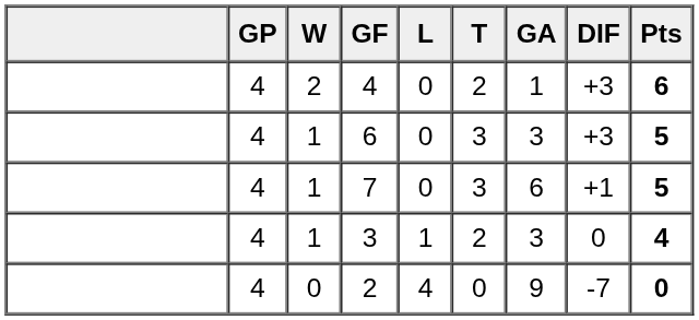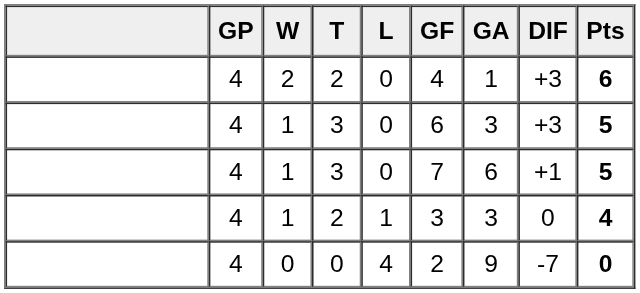 <table border=1 cellpadding=5 cellspacing=0>
 <tr>
 <th bgcolor="#efefef" width="120">　</th>
 <th bgcolor="#efefef" width="20">GP</th>
 <th bgcolor="#efefef" width="20">W</th>
+<th bgcolor="#efefef" width="20">T</th>
+<th bgcolor="#efefef" width="20">L</th>
 <th bgcolor="#efefef" width="20">GF</th>
-<th bgcolor="#efefef" width="20">L</th>
-<th bgcolor="#efefef" width="20">T</th>
 <th bgcolor="#efefef" width="20">GA</th>
 <th bgcolor="#efefef" width="20">DIF</th>
 <th bgcolor="#efefef" width="20">Pts</th>
 </tr>
 <tr align=center>
 <td align=left><strong></strong></td>
 <td>4</td>
 <td>2</td>
+<td>2</td>
+<td>0</td>
 <td>4</td>
-<td>0</td>
-<td>2</td>
 <td>1</td>
 <td>+3</td>
 <td><strong>6</strong></td>
 </tr>
 <tr align=center>
 <td align=left></td>
 <td>4</td>
 <td>1</td>
+<td>3</td>
+<td>0</td>
 <td>6</td>
-<td>0</td>
-<td>3</td>
 <td>3</td>
 <td>+3</td>
 <td><strong>5</strong></td>
 </tr>
 <tr align=center>
 <td align=left></td>
 <td>4</td>
 <td>1</td>
+<td>3</td>
+<td>0</td>
 <td>7</td>
-<td>0</td>
-<td>3</td>
 <td>6</td>
 <td>+1</td>
 <td><strong>5</strong></td>
 </tr>
 <tr align=center>
 <td align=left></td>
 <td>4</td>
 <td>1</td>
+<td>2</td>
+<td>1</td>
 <td>3</td>
-<td>1</td>
-<td>2</td>
 <td>3</td>
 <td>0</td>
 <td><strong>4</strong></td>
 </tr>
 <tr align=center>
 <td align=left></td>
 <td>4</td>
 <td>0</td>
+<td>0</td>
+<td>4</td>
 <td>2</td>
-<td>4</td>
-<td>0</td>
 <td>9</td>
 <td>-7</td>
 <td><strong>0</strong></td>
 </tr>
 </table>
